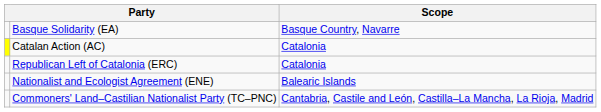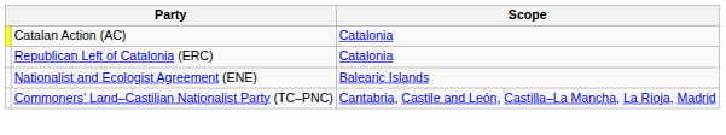 <table class="wikitable" style="text-align:left; font-size:97%;">
 <tr>
 <th colspan="2">Party</th>
 <th>Scope</th>
-</tr>
-<tr>
-<td width="1"></td>
-<td><a href='#'>Basque Solidarity</a> (EA)</td>
-<td><a href='#'>Basque Country</a>, <a href='#'>Navarre</a></td>
 </tr>
 <tr>
 <td bgcolor="yellow"></td>
 <td>Catalan Action (AC)</td>
 <td><a href='#'>Catalonia</a></td>
 </tr>
 <tr>
 <td></td>
 <td><a href='#'>Republican Left of Catalonia</a> (ERC)</td>
 <td><a href='#'>Catalonia</a></td>
 </tr>
 <tr>
 <td></td>
 <td><a href='#'>Nationalist and Ecologist Agreement</a> (ENE)</td>
 <td><a href='#'>Balearic Islands</a></td>
 </tr>
 <tr>
 <td></td>
 <td><a href='#'>Commoners' Land–Castilian Nationalist Party</a> (TC–PNC)</td>
 <td><a href='#'>Cantabria</a>, <a href='#'>Castile and León</a>, <a href='#'>Castilla–La Mancha</a>, <a href='#'>La Rioja</a>, <a href='#'>Madrid</a></td>
 </tr>
 </table>
